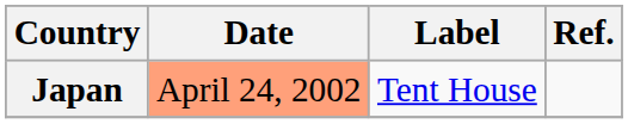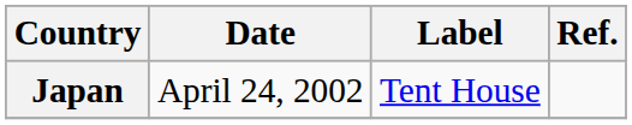 <table class="wikitable plainrowheaders">
 <tr>
 <th scope="col">Country</th>
 <th scope="col">Date</th>
 <th scope="col">Label</th>
 <th scope="col">Ref.</th>
 </tr>
 <tr>
 <th scope="row">Japan</th>
-<td style="background: lightsalmon;">April 24, 2002</td>
+<td>April 24, 2002</td>
 <td><a href='#'>Tent House</a></td>
 <td></td>
 </tr>
 <tr>
 </tr>
 </table>
